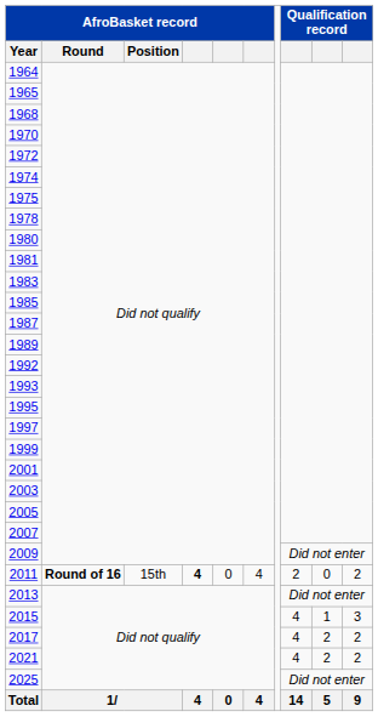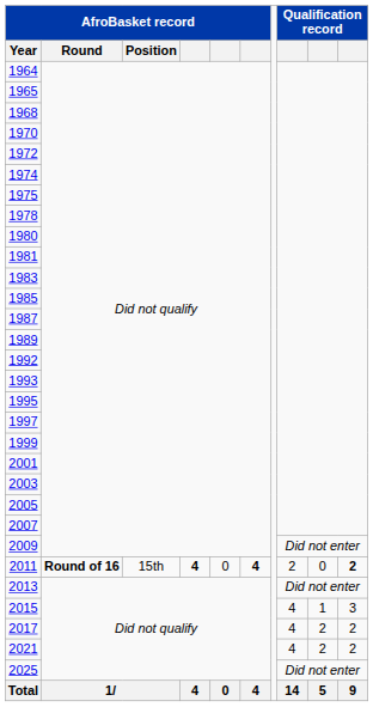 <table class="wikitable" style="text-align:center;">
 <tr>
 <th colspan="6" style="background:#0038A8; color:white;">AfroBasket record</th>
 <td rowspan="33"></td>
 <th colspan="3" style="background:#0038A8; color:white;">Qualification record</th>
 </tr>
 <tr>
 <th>Year</th>
 <th>Round</th>
 <th>Position</th>
 <th width="30"></th>
 <th width="30"></th>
 <th width="30"></th>
 <th width="30"></th>
 <th width="30"></th>
 <th width="30"></th>
 </tr>
 <tr>
 <td> <a href='#'>1964</a></td>
 <td colspan="5" rowspan="24"><em>Did not qualify</em></td>
 </tr>
 <tr>
 <td> <a href='#'>1965</a></td>
 </tr>
 <tr>
 <td> <a href='#'>1968</a></td>
 </tr>
 <tr>
 <td> <a href='#'>1970</a></td>
 </tr>
 <tr>
 <td> <a href='#'>1972</a></td>
 </tr>
 <tr>
 <td> <a href='#'>1974</a></td>
 </tr>
 <tr>
 <td> <a href='#'>1975</a></td>
 </tr>
 <tr>
 <td> <a href='#'>1978</a></td>
 </tr>
 <tr>
 <td> <a href='#'>1980</a></td>
 </tr>
 <tr>
 <td> <a href='#'>1981</a></td>
 </tr>
 <tr>
 <td> <a href='#'>1983</a></td>
 </tr>
 <tr>
 <td> <a href='#'>1985</a></td>
 </tr>
 <tr>
 <td> <a href='#'>1987</a></td>
 </tr>
 <tr>
 <td> <a href='#'>1989</a></td>
 </tr>
 <tr>
 <td> <a href='#'>1992</a></td>
 </tr>
 <tr>
 <td> <a href='#'>1993</a></td>
 </tr>
 <tr>
 <td> <a href='#'>1995</a></td>
 </tr>
 <tr>
 <td> <a href='#'>1997</a></td>
 </tr>
 <tr>
 <td> <a href='#'>1999</a></td>
 </tr>
 <tr>
 <td> <a href='#'>2001</a></td>
 </tr>
 <tr>
 <td> <a href='#'>2003</a></td>
 </tr>
 <tr>
 <td> <a href='#'>2005</a></td>
 </tr>
 <tr>
 <td> <a href='#'>2007</a></td>
 </tr>
 <tr>
 <td> <a href='#'>2009</a></td>
 <td colspan="3"><em>Did not enter</em></td>
 </tr>
 <tr>
 <td> <a href='#'>2011</a></td>
 <td><strong>Round of 16</strong></td>
 <td>15th</td>
 <td><strong>4</strong></td>
 <td>0</td>
-<td>4</td>
+<td><strong>4</strong></td>
 <td>2</td>
 <td>0</td>
-<td>2</td>
+<td><strong>2</strong></td>
 </tr>
 <tr>
 <td> <a href='#'>2013</a></td>
 <td colspan="5" rowspan="5"><em>Did not qualify</em></td>
 <td colspan="3"><em>Did not enter</em></td>
 </tr>
 <tr>
 <td> <a href='#'>2015</a></td>
 <td>4</td>
 <td>1</td>
 <td>3</td>
 </tr>
 <tr>
 <td>  <a href='#'>2017</a></td>
 <td>4</td>
 <td>2</td>
 <td>2</td>
 </tr>
 <tr>
 <td> <a href='#'>2021</a></td>
 <td>4</td>
 <td>2</td>
 <td>2</td>
 </tr>
 <tr>
 <td> <a href='#'>2025</a></td>
 <td colspan="3"><em>Did not enter</em></td>
 </tr>
 <tr>
 <th>Total</th>
 <th colspan="2">1/</th>
 <th>4</th>
 <th>0</th>
 <th>4</th>
 <th>14</th>
 <th>5</th>
 <th>9</th>
 </tr>
 </table>
